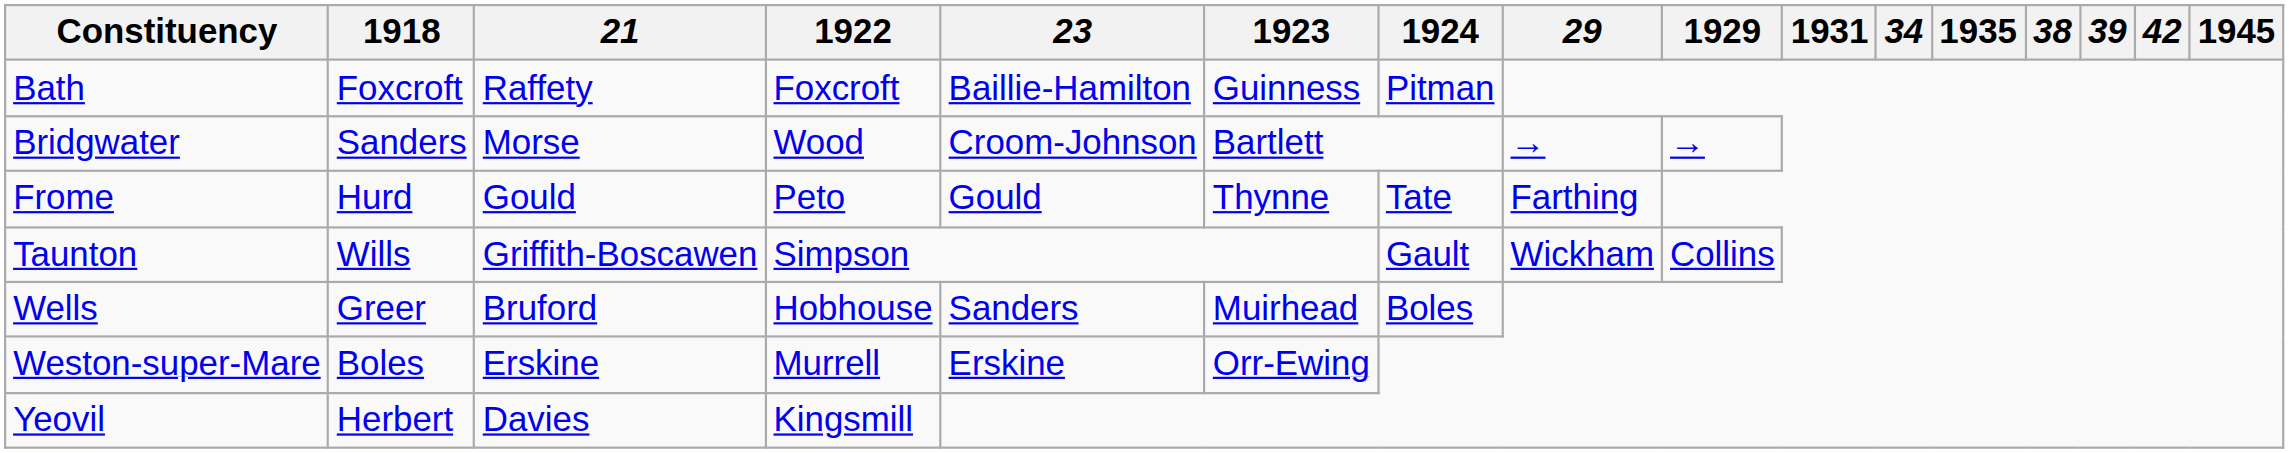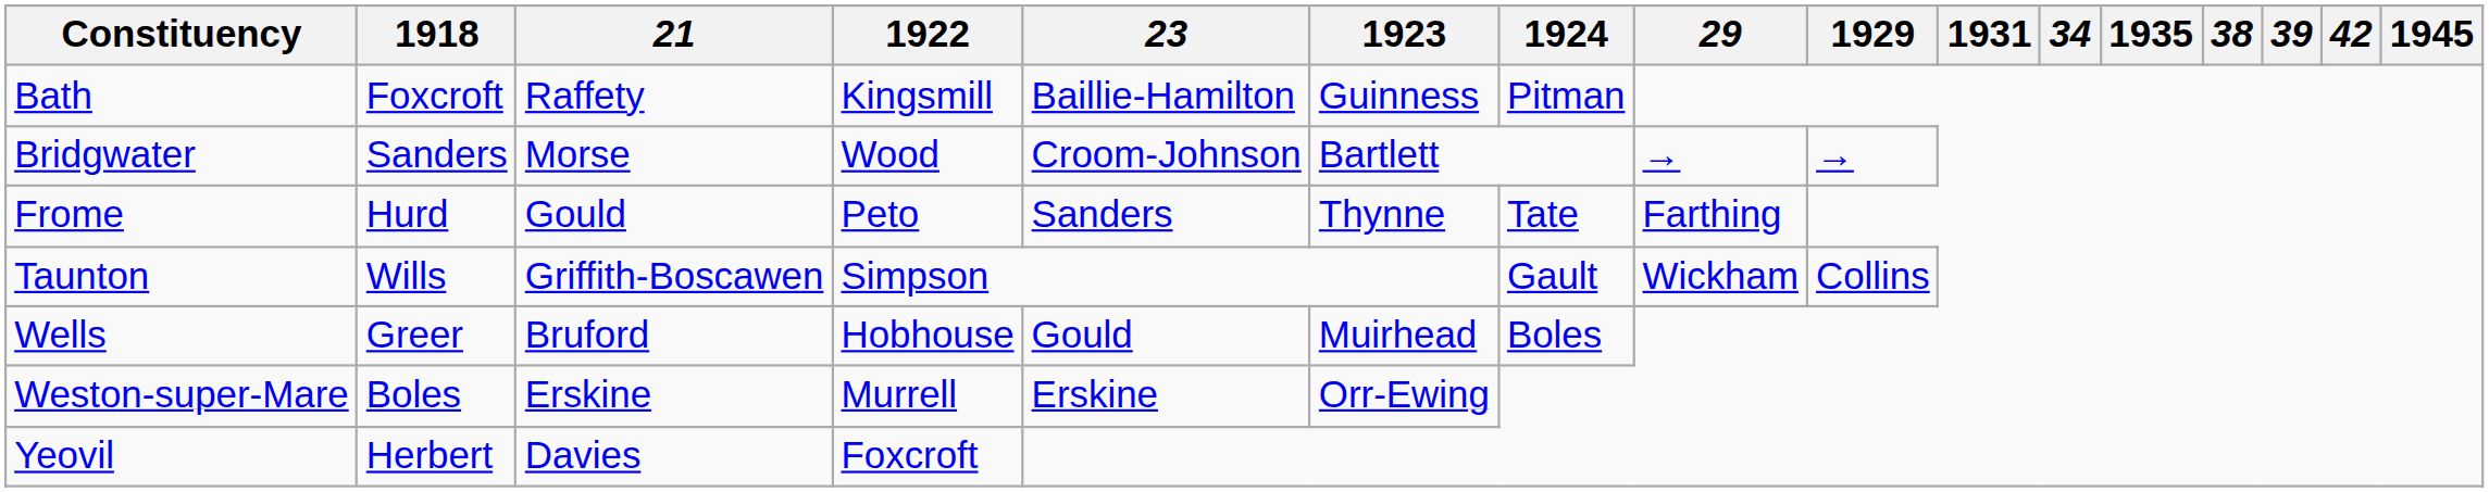 <table class="wikitable">
 <tr>
 <th>Constituency</th>
 <th>1918</th>
 <th><em>21</em></th>
 <th>1922</th>
 <th><em>23</em></th>
 <th>1923</th>
 <th>1924</th>
 <th><em>29</em></th>
 <th>1929</th>
 <th>1931</th>
 <th><em>34</em></th>
 <th>1935</th>
 <th><em>38</em></th>
 <th><em>39</em></th>
 <th><em>42</em></th>
 <th>1945</th>
 </tr>
 <tr>
 <td><a href='#'>Bath</a></td>
 <td><a href='#'>Foxcroft</a></td>
 <td><a href='#'>Raffety</a></td>
-<td><a href='#'>Foxcroft</a></td>
+<td><a href='#'>Kingsmill</a></td>
 <td><a href='#'>Baillie-Hamilton</a></td>
 <td><a href='#'>Guinness</a></td>
 <td><a href='#'>Pitman</a></td>
 </tr>
 <tr>
 <td><a href='#'>Bridgwater</a></td>
 <td><a href='#'>Sanders</a></td>
 <td><a href='#'>Morse</a></td>
 <td><a href='#'>Wood</a></td>
 <td><a href='#'>Croom-Johnson</a></td>
 <td colspan="2"><a href='#'>Bartlett</a></td>
 <td><a href='#'>→</a></td>
 <td><a href='#'>→</a></td>
 </tr>
 <tr>
 <td><a href='#'>Frome</a></td>
 <td><a href='#'>Hurd</a></td>
 <td><a href='#'>Gould</a></td>
 <td><a href='#'>Peto</a></td>
-<td><a href='#'>Gould</a></td>
+<td><a href='#'>Sanders</a></td>
 <td><a href='#'>Thynne</a></td>
 <td><a href='#'>Tate</a></td>
 <td><a href='#'>Farthing</a></td>
 </tr>
 <tr>
 <td><a href='#'>Taunton</a></td>
 <td><a href='#'>Wills</a></td>
 <td><a href='#'>Griffith-Boscawen</a></td>
 <td colspan="3"><a href='#'>Simpson</a></td>
 <td><a href='#'>Gault</a></td>
 <td><a href='#'>Wickham</a></td>
 <td><a href='#'>Collins</a></td>
 </tr>
 <tr>
 <td><a href='#'>Wells</a></td>
 <td><a href='#'>Greer</a></td>
 <td><a href='#'>Bruford</a></td>
 <td bgcolor=><a href='#'>Hobhouse</a></td>
-<td><a href='#'>Sanders</a></td>
+<td><a href='#'>Gould</a></td>
 <td><a href='#'>Muirhead</a></td>
 <td><a href='#'>Boles</a></td>
 </tr>
 <tr>
 <td><a href='#'>Weston-super-Mare</a></td>
 <td><a href='#'>Boles</a></td>
 <td><a href='#'>Erskine</a></td>
 <td bgcolor=><a href='#'>Murrell</a></td>
 <td><a href='#'>Erskine</a></td>
 <td><a href='#'>Orr-Ewing</a></td>
 </tr>
 <tr>
 <td><a href='#'>Yeovil</a></td>
 <td><a href='#'>Herbert</a></td>
 <td><a href='#'>Davies</a></td>
-<td><a href='#'>Kingsmill</a></td>
+<td><a href='#'>Foxcroft</a></td>
 </tr>
 </table>
